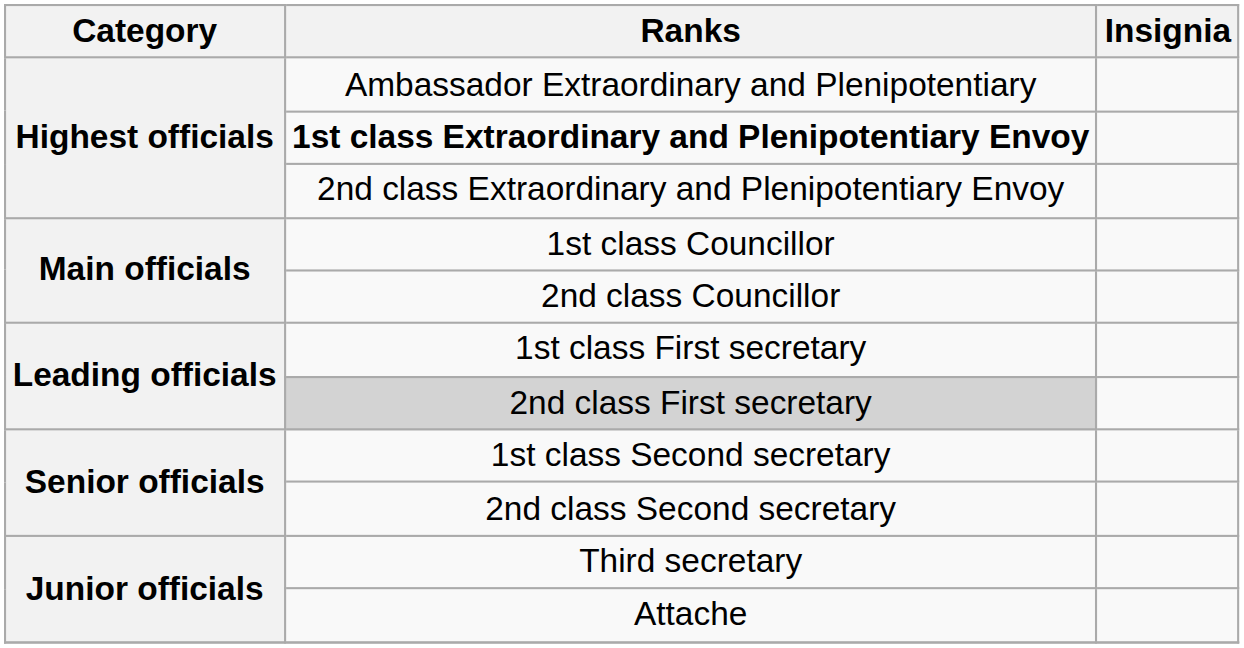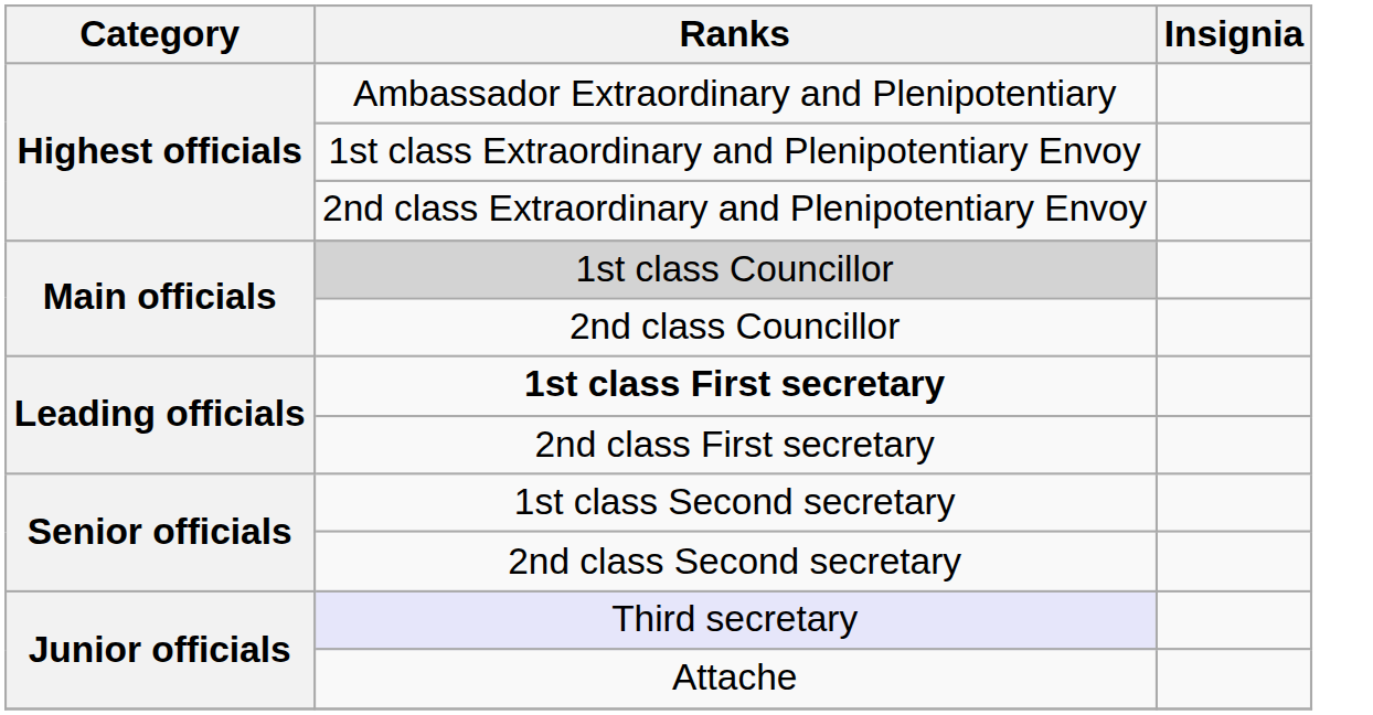 <table class="wikitable" style="text-align:center;">
 <tr>
 <th>Category</th>
 <th>Ranks</th>
 <th>Insignia</th>
 </tr>
 <tr>
 <th rowspan=3>Highest officials</th>
 <td>Ambassador Extraordinary and Plenipotentiary</td>
 <td></td>
 </tr>
 <tr>
-<td><strong>1st class Extraordinary and Plenipotentiary Envoy</strong></td>
+<td>1st class Extraordinary and Plenipotentiary Envoy</td>
 <td></td>
 </tr>
 <tr>
 <td>2nd class Extraordinary and Plenipotentiary Envoy</td>
 <td></td>
 </tr>
 <tr>
 <th rowspan=2>Main officials</th>
-<td>1st class Councillor</td>
+<td style="background: lightgrey;">1st class Councillor</td>
 <td></td>
 </tr>
 <tr>
 <td>2nd class Councillor</td>
 <td></td>
 </tr>
 <tr>
 <th rowspan=2>Leading officials</th>
-<td>1st class First secretary</td>
+<td><strong>1st class First secretary</strong></td>
 <td></td>
 </tr>
 <tr>
-<td style="background: lightgrey;">2nd class First secretary</td>
+<td>2nd class First secretary</td>
 <td></td>
 </tr>
 <tr>
 <th rowspan=2>Senior officials</th>
 <td>1st class Second secretary</td>
 <td></td>
 </tr>
 <tr>
 <td>2nd class Second secretary</td>
 <td></td>
 </tr>
 <tr>
 <th rowspan=2>Junior officials</th>
-<td>Third secretary</td>
+<td style="background: lavender;">Third secretary</td>
 <td></td>
 </tr>
 <tr>
 <td>Attache</td>
 <td></td>
 </tr>
 <tr>
 </tr>
 </table>
